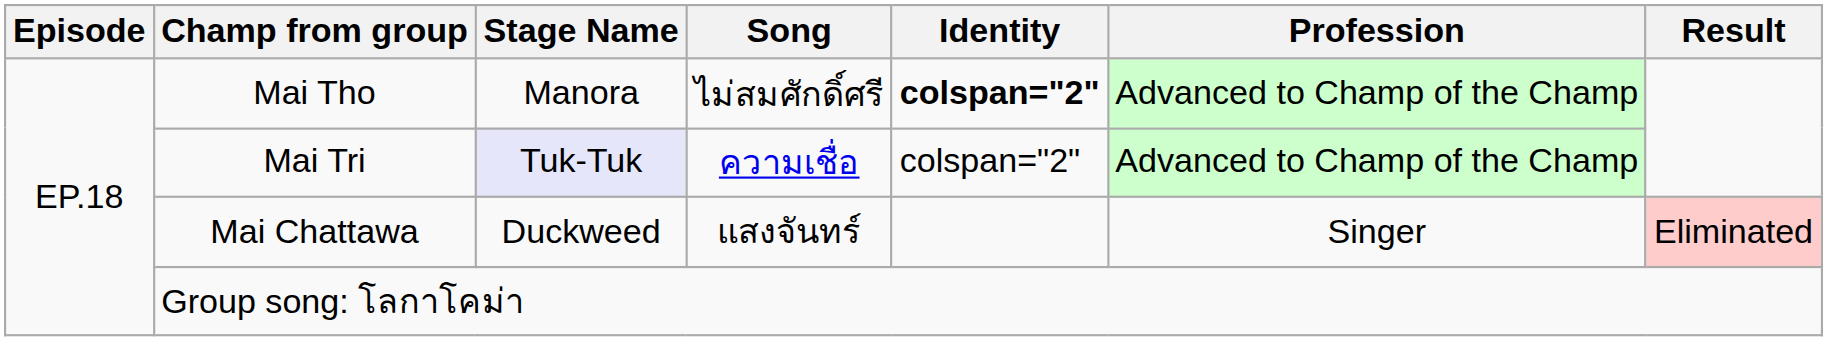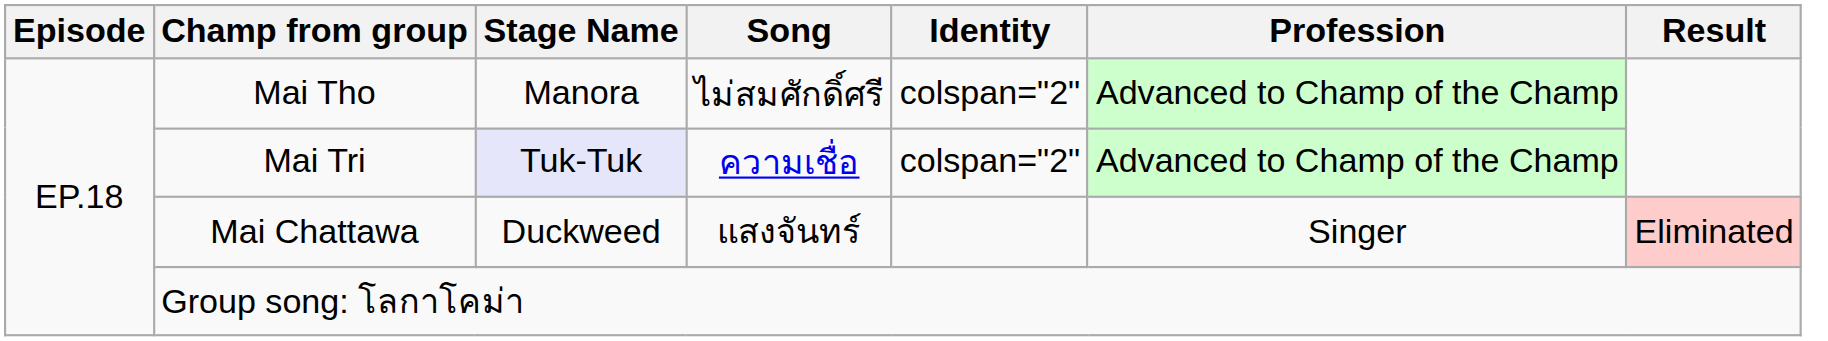 <table class="wikitable">
 <tr>
 <th>Episode</th>
 <th>Champ from group</th>
 <th>Stage Name</th>
 <th>Song</th>
 <th>Identity</th>
 <th>Profession</th>
 <th>Result</th>
 </tr>
 <tr>
 <td rowspan="4" align="center">EP.18</td>
 <td align="center">Mai Tho</td>
 <td style="text-align:center;">Manora</td>
 <td style="text-align:center;">ไม่สมศักดิ์ศรี</td>
-<td><strong>colspan="2"  </strong></td>
+<td>colspan="2"  </td>
 <td style="text-align:center; background:#ccffcc;">Advanced to Champ of the Champ</td>
 </tr>
 <tr>
 <td align="center">Mai Tri</td>
 <td style="background: lavender; text-align:center;">Tuk-Tuk</td>
 <td style="text-align:center;"><a href='#'>ความเชื่อ</a></td>
 <td>colspan="2"  </td>
 <td style="text-align:center; background:#ccffcc;">Advanced to Champ of the Champ</td>
 </tr>
 <tr>
 <td align="center">Mai Chattawa</td>
 <td style="text-align:center;">Duckweed</td>
 <td style="text-align:center;">แสงจันทร์</td>
 <td style="text-align:center;"></td>
 <td style="text-align:center;">Singer</td>
 <td style="text-align:center; background:#ffcccc;">Eliminated</td>
 </tr>
 <tr>
 <td colspan="7">Group song: โลกาโคม่า</td>
 </tr>
 </table>
